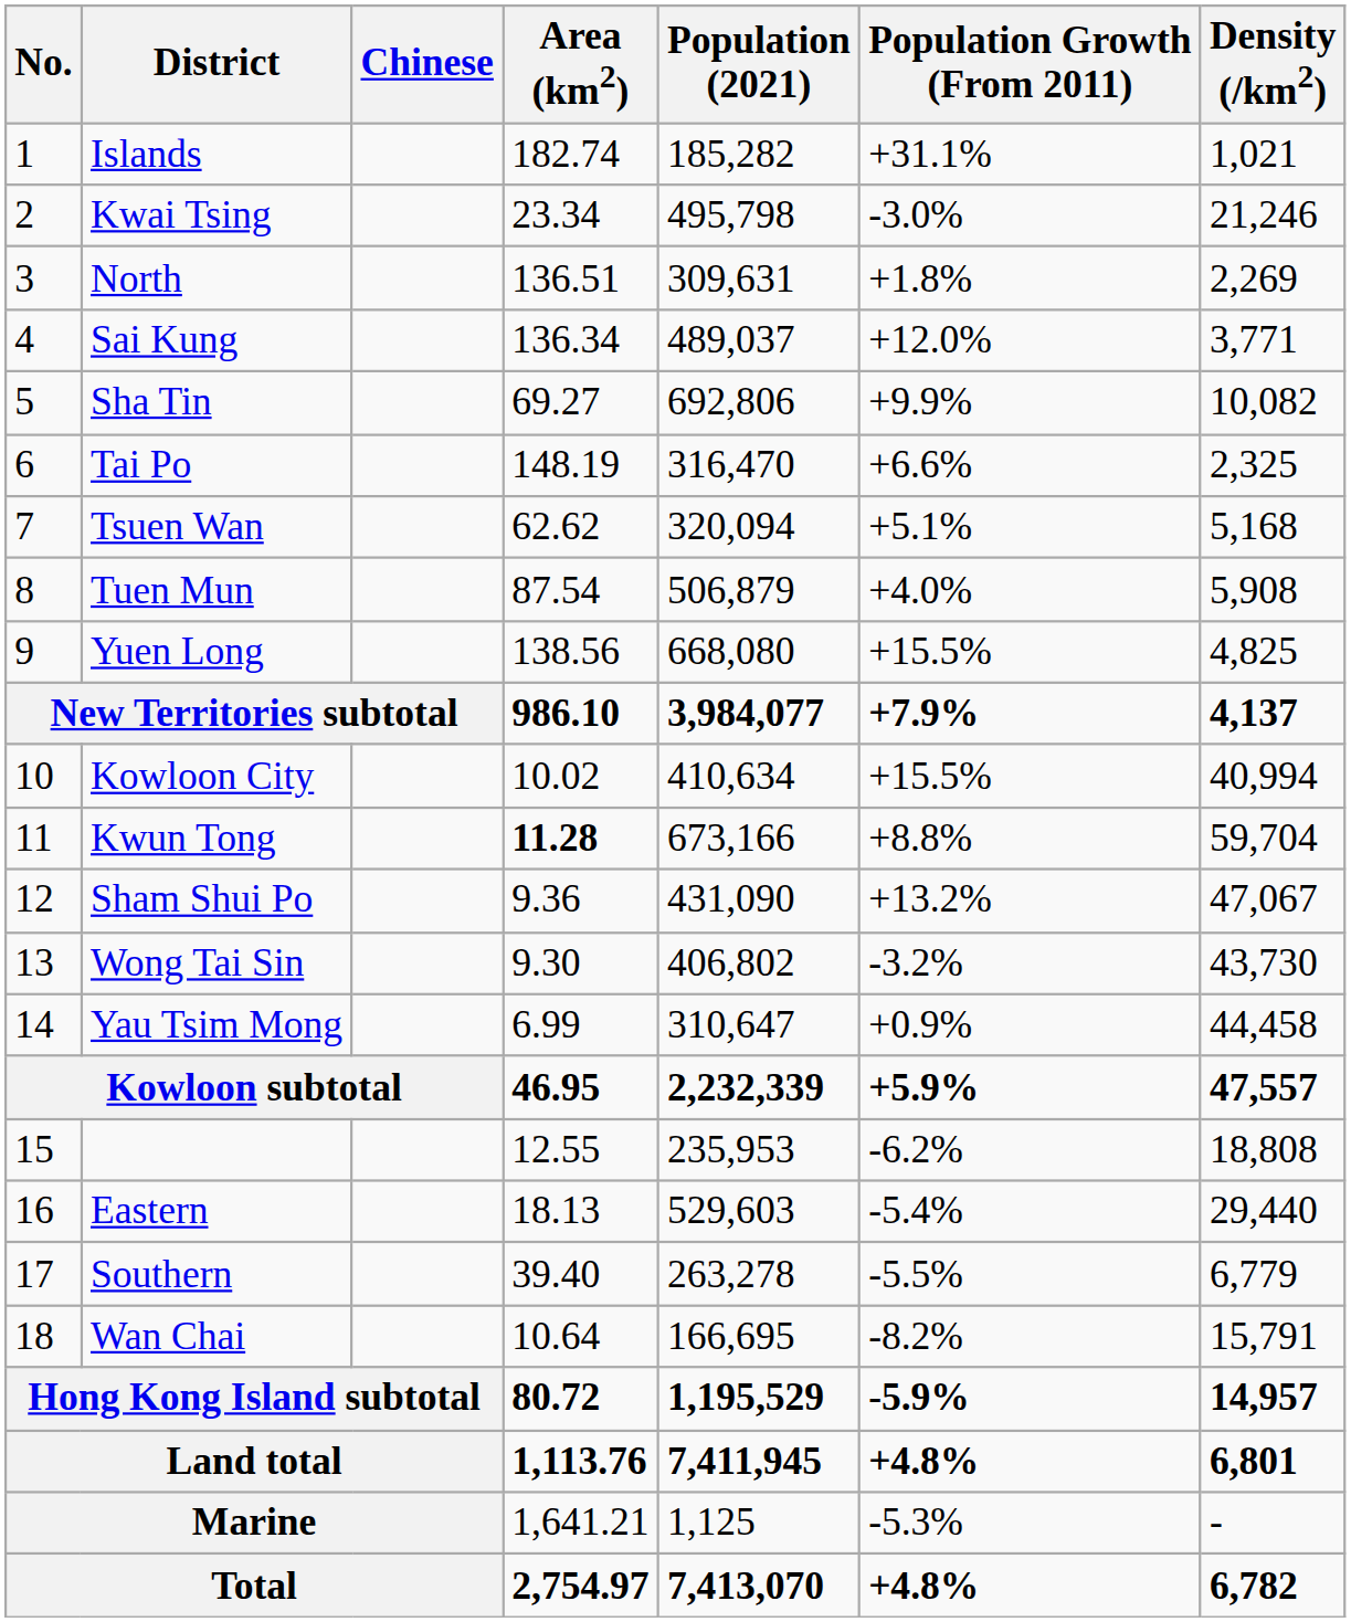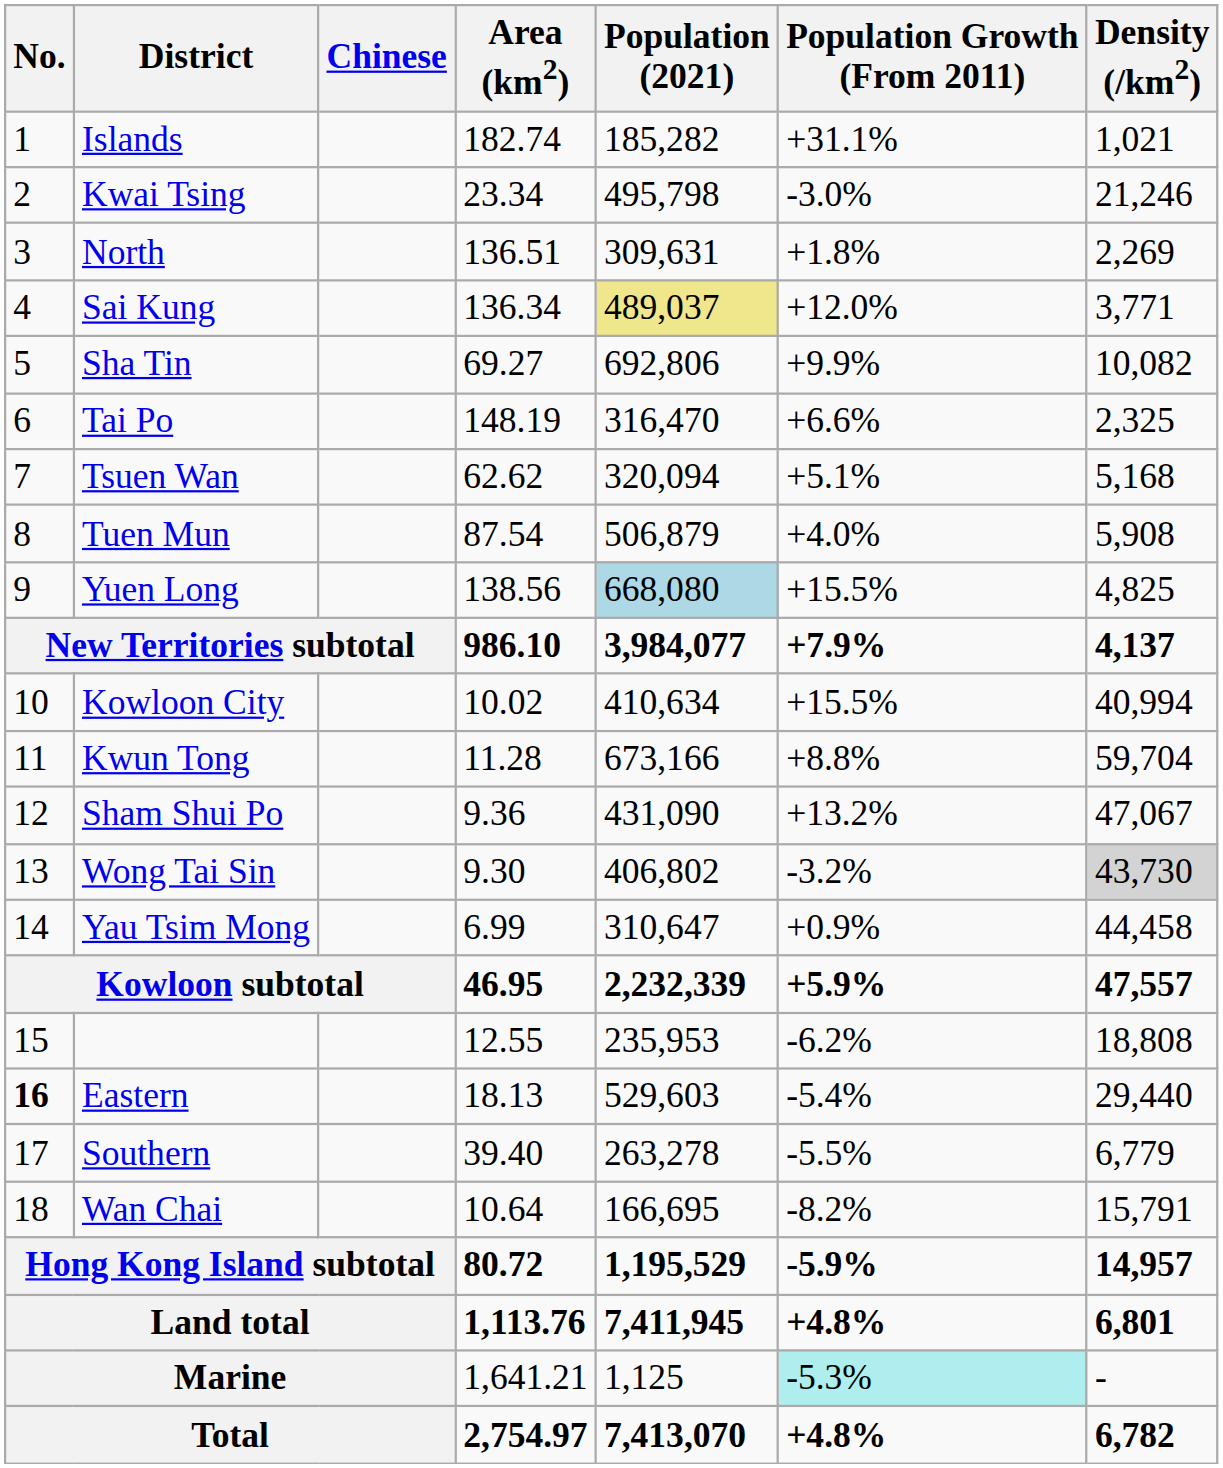 <table class="wikitable sortable">
 <tr>
 <th>No.</th>
 <th>District</th>
 <th><a href='#'>Chinese</a></th>
 <th>Area<br>(km<sup>2</sup>)</th>
 <th>Population<br>(2021)</th>
 <th>Population Growth<br>(From 2011)</th>
 <th>Density<br>(/km<sup>2</sup>)</th>
 </tr>
 <tr>
 <td>1</td>
 <td><a href='#'>Islands</a></td>
 <td></td>
 <td>182.74</td>
 <td>185,282</td>
 <td>+31.1%</td>
 <td>1,021</td>
 </tr>
 <tr>
 <td>2</td>
 <td><a href='#'>Kwai Tsing</a></td>
 <td></td>
 <td>23.34</td>
 <td>495,798</td>
 <td>-3.0%</td>
 <td>21,246</td>
 </tr>
 <tr>
 <td>3</td>
 <td><a href='#'>North</a></td>
 <td></td>
 <td>136.51</td>
 <td>309,631</td>
 <td>+1.8%</td>
 <td>2,269</td>
 </tr>
 <tr>
 <td>4</td>
 <td><a href='#'>Sai Kung</a></td>
 <td></td>
 <td>136.34</td>
-<td>489,037</td>
+<td style="background: khaki;">489,037</td>
 <td>+12.0%</td>
 <td>3,771</td>
 </tr>
 <tr>
 <td>5</td>
 <td><a href='#'>Sha Tin</a></td>
 <td></td>
 <td>69.27</td>
 <td>692,806</td>
 <td>+9.9%</td>
 <td>10,082</td>
 </tr>
 <tr>
 <td>6</td>
 <td><a href='#'>Tai Po</a></td>
 <td></td>
 <td>148.19</td>
 <td>316,470</td>
 <td>+6.6%</td>
 <td>2,325</td>
 </tr>
 <tr>
 <td>7</td>
 <td><a href='#'>Tsuen Wan</a></td>
 <td></td>
 <td>62.62</td>
 <td>320,094</td>
 <td>+5.1%</td>
 <td>5,168</td>
 </tr>
 <tr>
 <td>8</td>
 <td><a href='#'>Tuen Mun</a></td>
 <td></td>
 <td>87.54</td>
 <td>506,879</td>
 <td>+4.0%</td>
 <td>5,908</td>
 </tr>
 <tr>
 <td>9</td>
 <td><a href='#'>Yuen Long</a></td>
 <td></td>
 <td>138.56</td>
-<td>668,080</td>
+<td style="background: lightblue;">668,080</td>
 <td>+15.5%</td>
 <td>4,825</td>
 </tr>
 <tr>
 <th colspan="3"><a href='#'>New Territories</a> subtotal</th>
 <td><strong>986.10</strong></td>
 <td><strong>3,984,077</strong></td>
 <td><strong>+7.9%</strong></td>
 <td><strong>4,137</strong></td>
 </tr>
 <tr>
 <td>10</td>
 <td><a href='#'>Kowloon City</a></td>
 <td></td>
 <td>10.02</td>
 <td>410,634</td>
 <td>+15.5%</td>
 <td>40,994</td>
 </tr>
 <tr>
 <td>11</td>
 <td><a href='#'>Kwun Tong</a></td>
 <td></td>
-<td><strong>11.28</strong></td>
+<td>11.28</td>
 <td>673,166</td>
 <td>+8.8%</td>
 <td>59,704</td>
 </tr>
 <tr>
 <td>12</td>
 <td><a href='#'>Sham Shui Po</a></td>
 <td></td>
 <td>9.36</td>
 <td>431,090</td>
 <td>+13.2%</td>
 <td>47,067</td>
 </tr>
 <tr>
 <td>13</td>
 <td><a href='#'>Wong Tai Sin</a></td>
 <td></td>
 <td>9.30</td>
 <td>406,802</td>
 <td>-3.2%</td>
-<td>43,730</td>
+<td style="background: lightgrey;">43,730</td>
 </tr>
 <tr>
 <td>14</td>
 <td><a href='#'>Yau Tsim Mong</a></td>
 <td></td>
 <td>6.99</td>
 <td>310,647</td>
 <td>+0.9%</td>
 <td>44,458</td>
 </tr>
 <tr>
 <th colspan="3"><a href='#'>Kowloon</a> subtotal</th>
 <td><strong>46.95</strong></td>
 <td><strong>2,232,339</strong></td>
 <td><strong>+5.9%</strong></td>
 <td><strong>47,557</strong></td>
 </tr>
 <tr>
 <td>15</td>
 <td><a href='#'></a></td>
 <td></td>
 <td>12.55</td>
 <td>235,953</td>
 <td>-6.2%</td>
 <td>18,808</td>
 </tr>
 <tr>
-<td>16</td>
+<td><strong>16</strong></td>
 <td><a href='#'>Eastern</a></td>
 <td></td>
 <td>18.13</td>
 <td>529,603</td>
 <td>-5.4%</td>
 <td>29,440</td>
 </tr>
 <tr>
 <td>17</td>
 <td><a href='#'>Southern</a></td>
 <td></td>
 <td>39.40</td>
 <td>263,278</td>
 <td>-5.5%</td>
 <td>6,779</td>
 </tr>
 <tr>
 <td>18</td>
 <td><a href='#'>Wan Chai</a></td>
 <td></td>
 <td>10.64</td>
 <td>166,695</td>
 <td>-8.2%</td>
 <td>15,791</td>
 </tr>
 <tr>
 <th colspan="3"><a href='#'>Hong Kong Island</a> subtotal</th>
 <td><strong>80.72</strong></td>
 <td><strong>1,195,529</strong></td>
 <td><strong>-5.9%</strong></td>
 <td><strong>14,957</strong></td>
 </tr>
 <tr>
 <th colspan="3">Land total</th>
 <td><strong>1,113.76</strong></td>
 <td><strong>7,411,945</strong></td>
 <td><strong>+4.8%</strong></td>
 <td><strong>6,801</strong></td>
 </tr>
 <tr>
 <th colspan="3">Marine</th>
 <td>1,641.21</td>
 <td>1,125</td>
-<td>-5.3%</td>
+<td style="background: paleturquoise;">-5.3%</td>
 <td>-</td>
 </tr>
 <tr>
 <th colspan="3">Total</th>
 <td><strong>2,754.97</strong></td>
 <td><strong>7,413,070</strong></td>
 <td><strong>+4.8%</strong></td>
 <td><strong>6,782</strong></td>
 </tr>
 </table>
